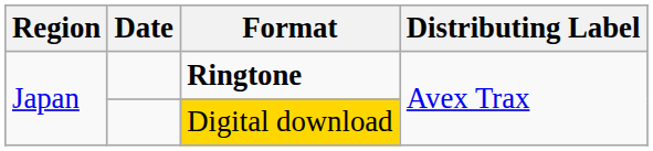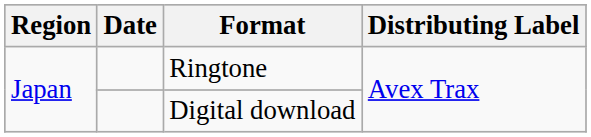 <table class="wikitable">
 <tr>
 <th>Region</th>
 <th>Date</th>
 <th>Format</th>
 <th>Distributing Label</th>
 </tr>
 <tr>
 <td rowspan="2"><a href='#'>Japan</a></td>
 <td></td>
-<td><strong>Ringtone</strong></td>
+<td>Ringtone</td>
 <td rowspan="2"><a href='#'>Avex Trax</a></td>
 </tr>
 <tr>
 <td></td>
-<td style="background: gold;">Digital download</td>
+<td>Digital download</td>
 </tr>
 </table>
